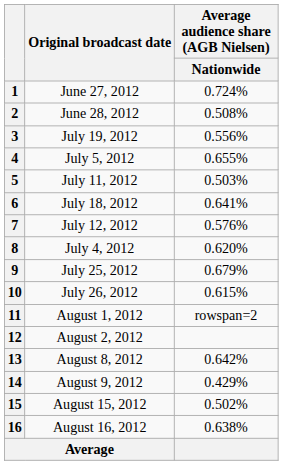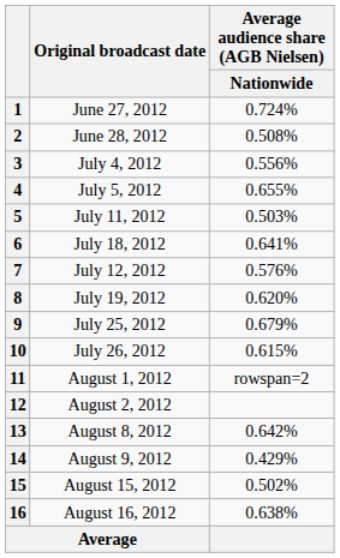 <table class="wikitable" style="text-align:center">
 <tr>
 <th rowspan="2"></th>
 <th rowspan="2">Original broadcast date</th>
 <th colspan="1">Average audience share<br>(AGB Nielsen)</th>
 </tr>
 <tr>
 <th width="110">Nationwide</th>
 </tr>
 <tr>
 <th>1</th>
 <td>June 27, 2012</td>
 <td>0.724%</td>
 </tr>
 <tr>
 <th>2</th>
 <td>June 28, 2012</td>
 <td>0.508%</td>
 </tr>
 <tr>
 <th>3</th>
-<td>July 19, 2012</td>
+<td>July 4, 2012</td>
 <td>0.556%</td>
 </tr>
 <tr>
 <th>4</th>
 <td>July 5, 2012</td>
 <td>0.655%</td>
 </tr>
 <tr>
 <th>5</th>
 <td>July 11, 2012</td>
 <td>0.503%</td>
 </tr>
 <tr>
 <th>6</th>
 <td>July 18, 2012</td>
 <td>0.641%</td>
 </tr>
 <tr>
 <th>7</th>
 <td>July 12, 2012</td>
 <td>0.576%</td>
 </tr>
 <tr>
 <th>8</th>
-<td>July 4, 2012</td>
+<td>July 19, 2012</td>
 <td>0.620%</td>
 </tr>
 <tr>
 <th>9</th>
 <td>July 25, 2012</td>
 <td>0.679%</td>
 </tr>
 <tr>
 <th>10</th>
 <td>July 26, 2012</td>
 <td>0.615%</td>
 </tr>
 <tr>
 <th>11</th>
 <td>August 1, 2012</td>
 <td>rowspan=2 </td>
 </tr>
 <tr>
 <th>12</th>
 <td>August 2, 2012</td>
 </tr>
 <tr>
 <th>13</th>
 <td>August 8, 2012</td>
 <td>0.642%</td>
 </tr>
 <tr>
 <th>14</th>
 <td>August 9, 2012</td>
 <td>0.429%</td>
 </tr>
 <tr>
 <th>15</th>
 <td>August 15, 2012</td>
 <td>0.502%</td>
 </tr>
 <tr>
 <th>16</th>
 <td>August 16, 2012</td>
 <td>0.638%</td>
 </tr>
 <tr>
 <th colspan="2">Average</th>
 <th></th>
 </tr>
 </table>
